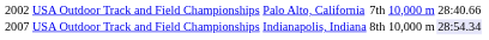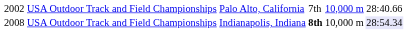 <table>
 <tr>
 <td>2002</td>
 <td><a href='#'>USA Outdoor Track and Field Championships</a></td>
 <td><a href='#'>Palo Alto, California</a></td>
 <td>7th</td>
 <td><a href='#'>10,000 m</a></td>
 <td>28:40.66</td>
 </tr>
 <tr>
-<td>2007</td>
+<td>2008</td>
 <td><a href='#'>USA Outdoor Track and Field Championships</a></td>
 <td><a href='#'>Indianapolis, Indiana</a></td>
-<td>8th</td>
+<td><strong>8th</strong></td>
 <td>10,000 m</td>
 <td style="background: lavender;">28:54.34</td>
 </tr>
 </table>
